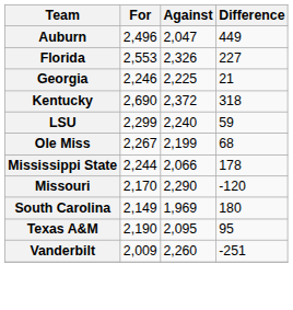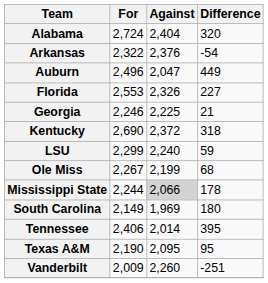 <table class="wikitable sortable">
 <tr>
 <th scope="col">Team</th>
 <th scope="col">For</th>
 <th scope="col">Against</th>
 <th scope="col">Difference</th>
+</tr>
+<tr>
+<th>Alabama</th>
+<td>2,724</td>
+<td>2,404</td>
+<td>320</td>
+</tr>
+<tr>
+<th>Arkansas</th>
+<td>2,322</td>
+<td>2,376</td>
+<td>-54</td>
 </tr>
 <tr>
 <th>Auburn</th>
 <td>2,496</td>
 <td>2,047</td>
 <td>449</td>
 </tr>
 <tr>
 <th>Florida</th>
 <td>2,553</td>
 <td>2,326</td>
 <td>227</td>
 </tr>
 <tr>
 <th>Georgia</th>
 <td>2,246</td>
 <td>2,225</td>
 <td>21</td>
 </tr>
 <tr>
 <th>Kentucky</th>
 <td>2,690</td>
 <td>2,372</td>
 <td>318</td>
 </tr>
 <tr>
 <th>LSU</th>
 <td>2,299</td>
 <td>2,240</td>
 <td>59</td>
 </tr>
 <tr>
 <th>Ole Miss</th>
 <td>2,267</td>
 <td>2,199</td>
 <td>68</td>
 </tr>
 <tr>
 <th>Mississippi State</th>
 <td>2,244</td>
-<td>2,066</td>
+<td style="background: lightgrey;">2,066</td>
 <td>178</td>
-</tr>
-<tr>
-<th>Missouri</th>
-<td>2,170</td>
-<td>2,290</td>
-<td>-120</td>
 </tr>
 <tr>
 <th>South Carolina</th>
 <td>2,149</td>
 <td>1,969</td>
 <td>180</td>
+</tr>
+<tr>
+<th>Tennessee</th>
+<td>2,406</td>
+<td>2,014</td>
+<td>395</td>
 </tr>
 <tr>
 <th>Texas A&M</th>
 <td>2,190</td>
 <td>2,095</td>
 <td>95</td>
 </tr>
 <tr>
 <th>Vanderbilt</th>
 <td>2,009</td>
 <td>2,260</td>
 <td>-251</td>
 </tr>
 <tr>
 </tr>
 </table>
